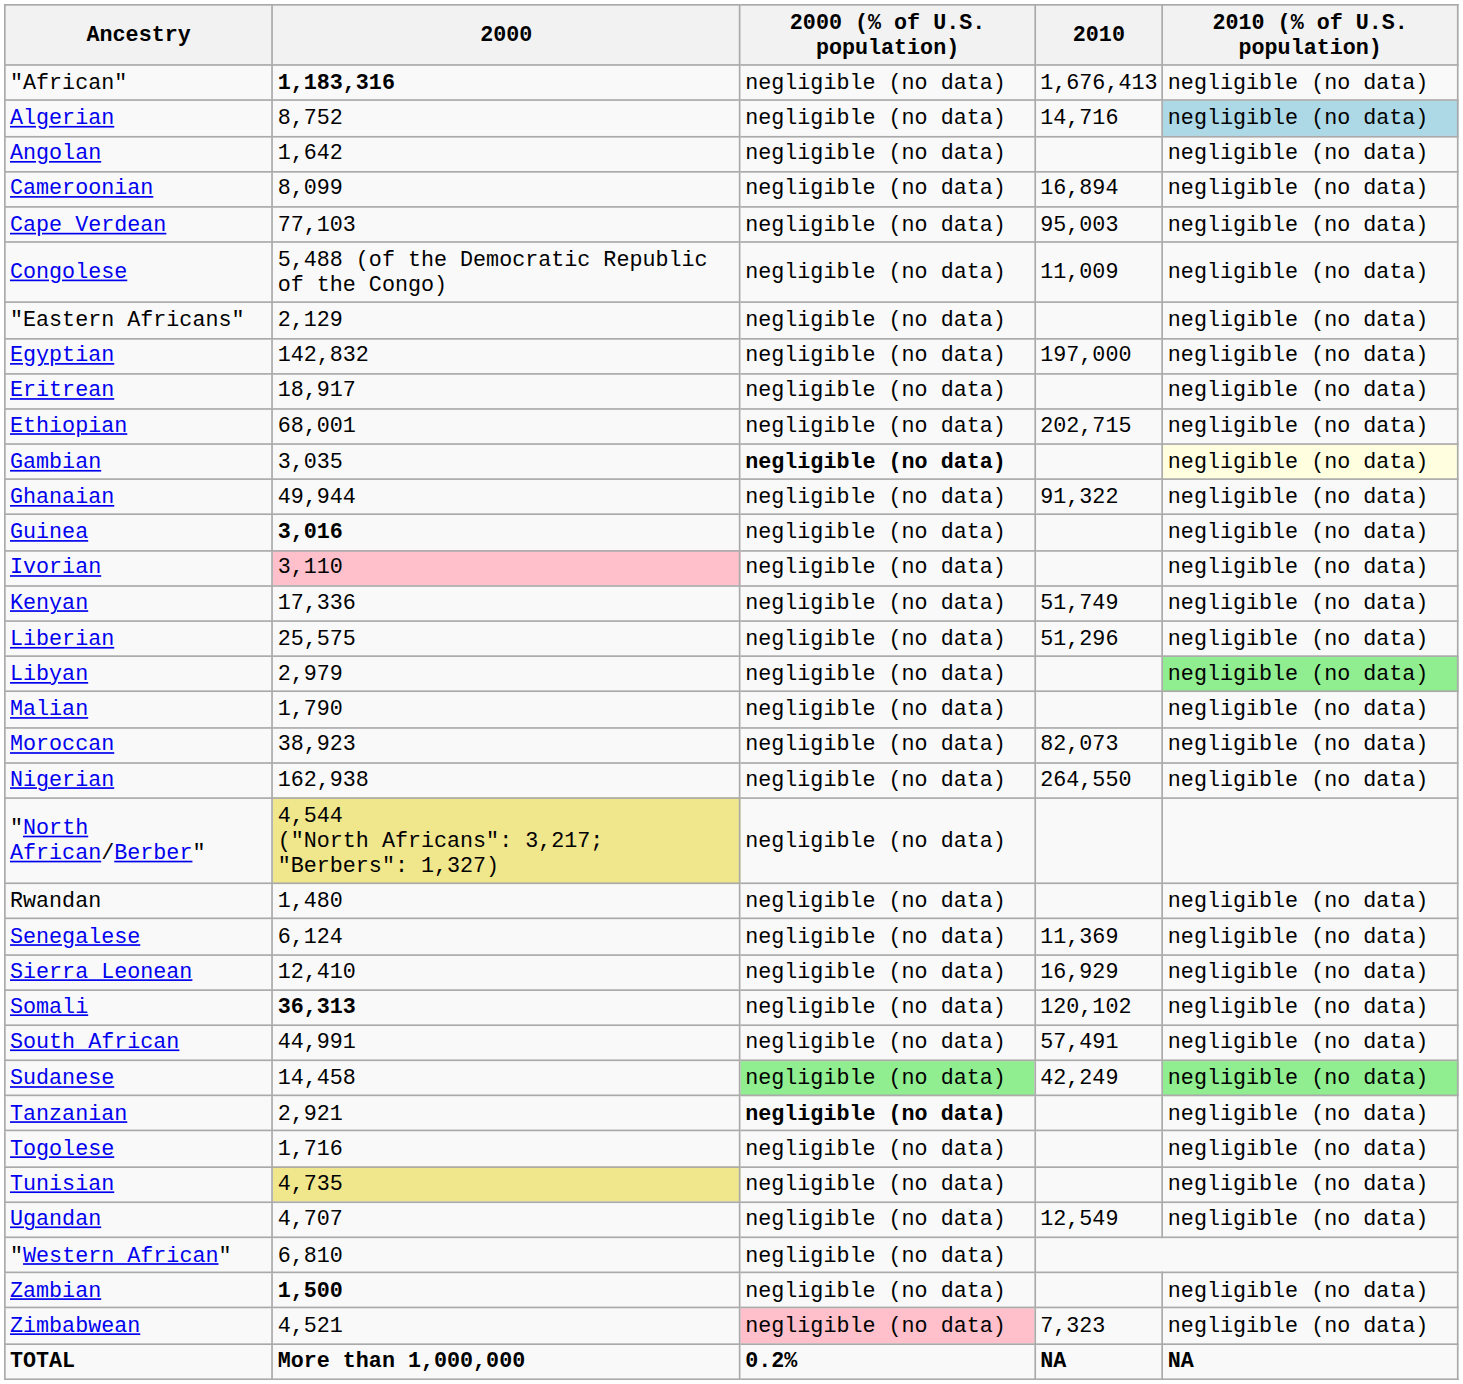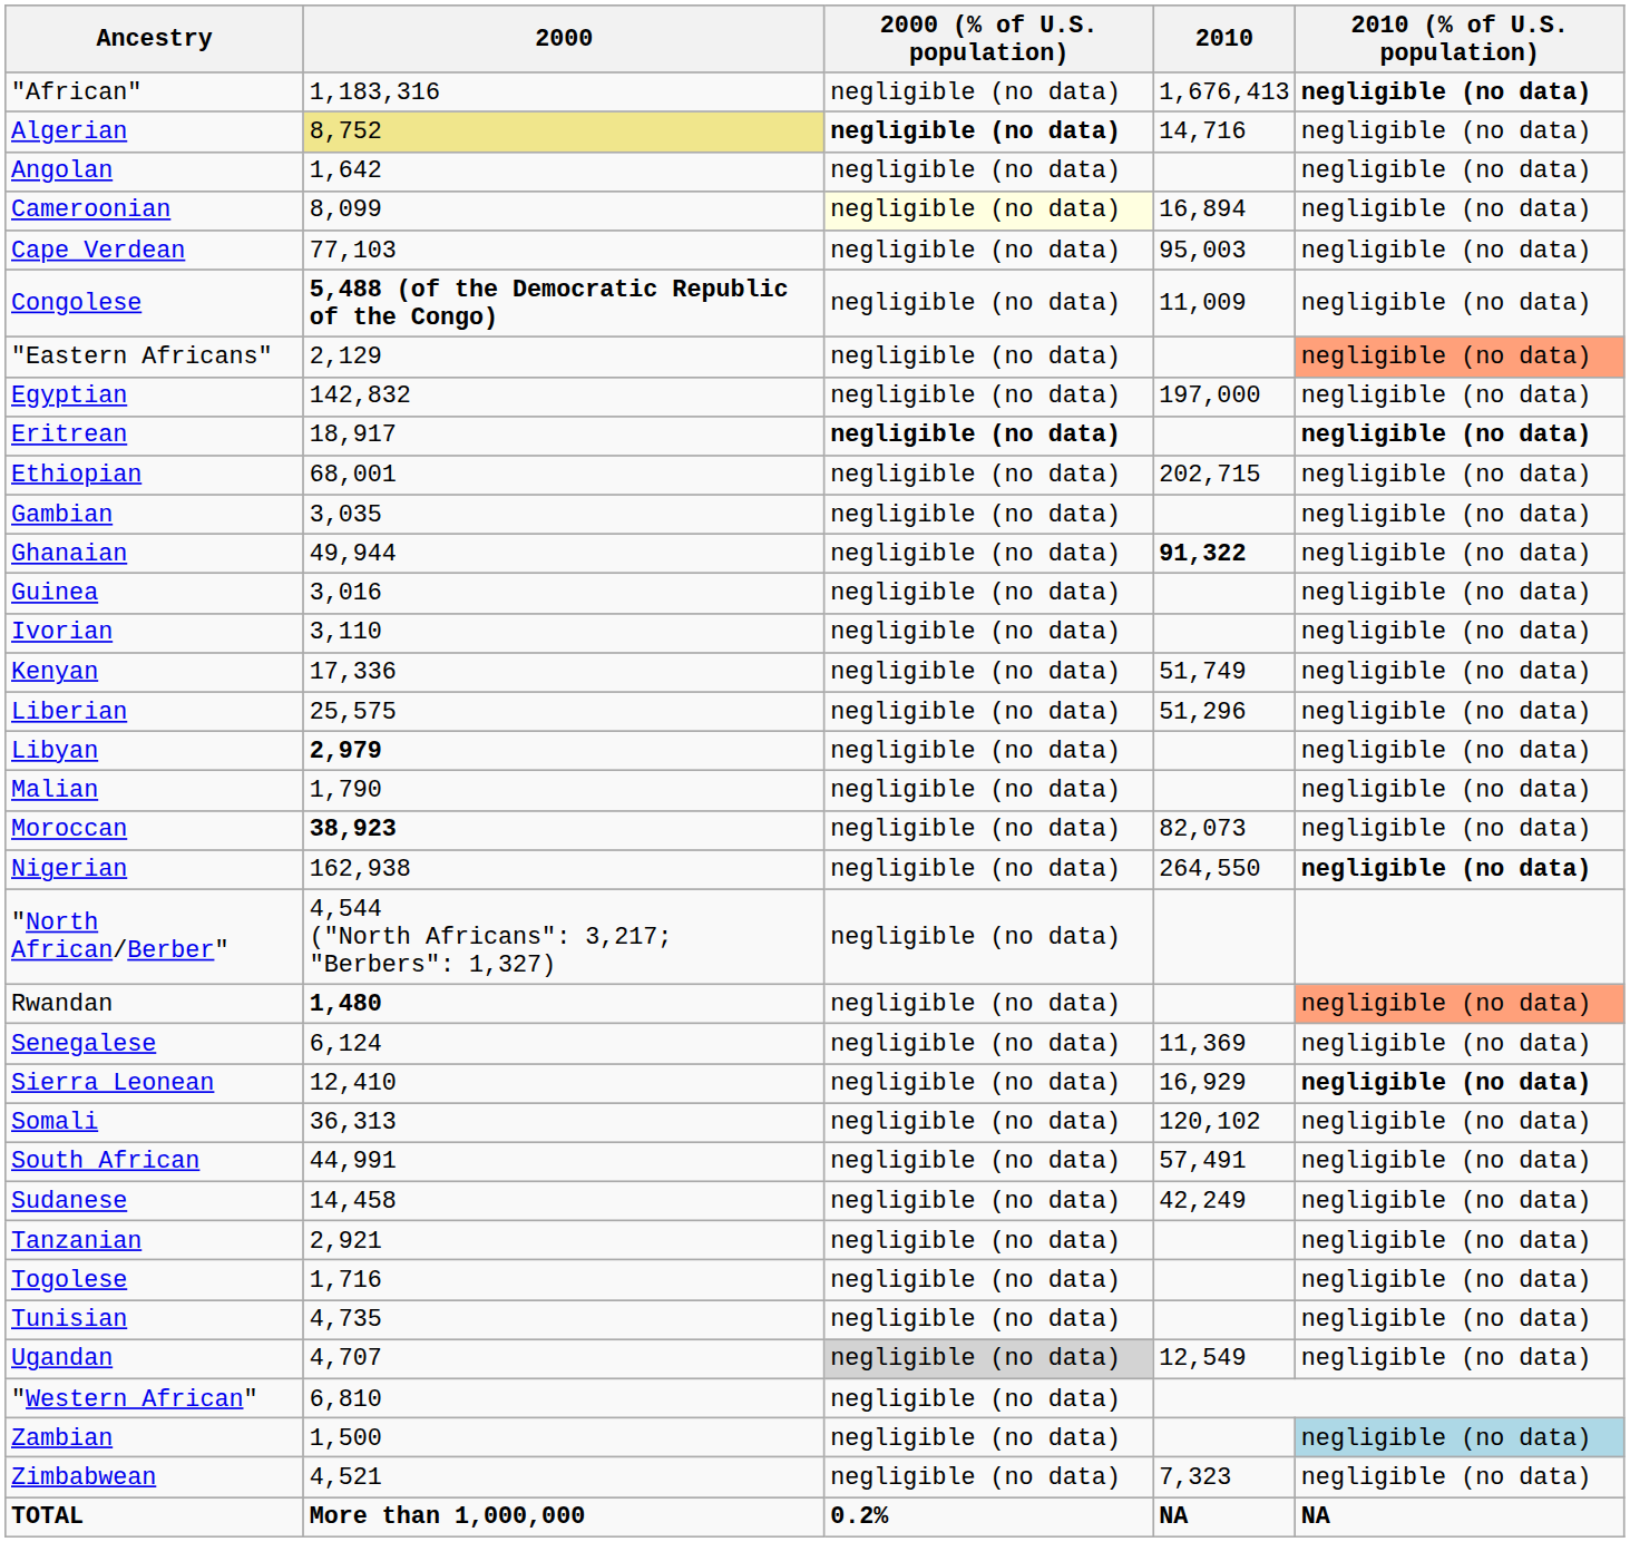 <table class="wikitable sortable">
 <tr style="background:#efefef">
 <th>Ancestry</th>
 <th>2000</th>
 <th>2000 (% of U.S. population)</th>
 <th>2010</th>
 <th>2010 (% of U.S. population)</th>
 </tr>
 <tr>
 <td>"African"</td>
-<td><strong>1,183,316</strong></td>
+<td>1,183,316</td>
 <td>negligible (no data)</td>
 <td>1,676,413</td>
-<td>negligible (no data)</td>
+<td><strong>negligible (no data)</strong></td>
 </tr>
 <tr>
 <td> <a href='#'>Algerian</a></td>
-<td>8,752</td>
+<td style="background: khaki;">8,752</td>
+<td><strong>negligible (no data)</strong></td>
+<td>14,716</td>
 <td>negligible (no data)</td>
-<td>14,716</td>
-<td style="background: lightblue;">negligible (no data)</td>
 </tr>
 <tr>
 <td> <a href='#'>Angolan</a></td>
 <td>1,642</td>
 <td>negligible (no data)</td>
 <td></td>
 <td>negligible (no data)</td>
 </tr>
 <tr>
 <td> <a href='#'>Cameroonian</a></td>
 <td>8,099</td>
-<td>negligible (no data)</td>
+<td style="background: lightyellow;">negligible (no data)</td>
 <td>16,894</td>
 <td>negligible (no data)</td>
 </tr>
 <tr>
 <td> <a href='#'>Cape Verdean</a></td>
 <td>77,103</td>
 <td>negligible (no data)</td>
 <td>95,003</td>
 <td>negligible (no data)</td>
 </tr>
 <tr>
 <td>  <a href='#'>Congolese</a></td>
-<td>5,488 (of the Democratic Republic of the Congo)</td>
+<td><strong>5,488 (of the Democratic Republic of the Congo)</strong></td>
 <td>negligible (no data)</td>
 <td>11,009</td>
 <td>negligible (no data)</td>
 </tr>
 <tr>
 <td>"Eastern Africans"</td>
 <td>2,129</td>
 <td>negligible (no data)</td>
 <td></td>
-<td>negligible (no data)</td>
+<td style="background: lightsalmon;">negligible (no data)</td>
 </tr>
 <tr>
 <td> <a href='#'>Egyptian</a></td>
 <td>142,832</td>
 <td>negligible (no data)</td>
 <td>197,000</td>
 <td>negligible (no data)</td>
 </tr>
 <tr>
 <td> <a href='#'>Eritrean</a></td>
 <td>18,917</td>
-<td>negligible (no data)</td>
+<td><strong>negligible (no data)</strong></td>
 <td></td>
-<td>negligible (no data)</td>
+<td><strong>negligible (no data)</strong></td>
 </tr>
 <tr>
 <td> <a href='#'>Ethiopian</a></td>
 <td>68,001</td>
 <td>negligible (no data)</td>
 <td>202,715</td>
 <td>negligible (no data)</td>
 </tr>
 <tr>
 <td> <a href='#'>Gambian</a></td>
 <td>3,035</td>
-<td><strong>negligible (no data)</strong></td>
+<td>negligible (no data)</td>
 <td></td>
-<td style="background: lightyellow;">negligible (no data)</td>
+<td>negligible (no data)</td>
 </tr>
 <tr>
 <td> <a href='#'>Ghanaian</a></td>
 <td>49,944</td>
 <td>negligible (no data)</td>
-<td>91,322</td>
+<td><strong>91,322</strong></td>
 <td>negligible (no data)</td>
 </tr>
 <tr>
 <td> <a href='#'>Guinea</a></td>
-<td><strong>3,016</strong></td>
+<td>3,016</td>
 <td>negligible (no data)</td>
 <td></td>
 <td>negligible (no data)</td>
 </tr>
 <tr>
 <td> <a href='#'>Ivorian</a></td>
-<td style="background: pink;">3,110</td>
+<td>3,110</td>
 <td>negligible (no data)</td>
 <td></td>
 <td>negligible (no data)</td>
 </tr>
 <tr>
 <td> <a href='#'>Kenyan</a></td>
 <td>17,336</td>
 <td>negligible (no data)</td>
 <td>51,749</td>
 <td>negligible (no data)</td>
 </tr>
 <tr>
 <td> <a href='#'>Liberian</a></td>
 <td>25,575</td>
 <td>negligible (no data)</td>
 <td>51,296</td>
 <td>negligible (no data)</td>
 </tr>
 <tr>
 <td> <a href='#'>Libyan</a></td>
-<td>2,979</td>
+<td><strong>2,979</strong></td>
 <td>negligible (no data)</td>
 <td></td>
-<td style="background: lightgreen;">negligible (no data)</td>
+<td>negligible (no data)</td>
 </tr>
 <tr>
 <td> <a href='#'>Malian</a></td>
 <td>1,790</td>
 <td>negligible (no data)</td>
 <td></td>
 <td>negligible (no data)</td>
 </tr>
 <tr>
 <td> <a href='#'>Moroccan</a></td>
-<td>38,923</td>
+<td><strong>38,923</strong></td>
 <td>negligible (no data)</td>
 <td>82,073</td>
 <td>negligible (no data)</td>
 </tr>
 <tr>
 <td> <a href='#'>Nigerian</a></td>
 <td>162,938</td>
 <td>negligible (no data)</td>
 <td>264,550</td>
-<td>negligible (no data)</td>
+<td><strong>negligible (no data)</strong></td>
 </tr>
 <tr>
 <td>"<a href='#'>North African</a>/<a href='#'>Berber</a>"</td>
-<td style="background: khaki;">4,544 <br>("North Africans": 3,217; "Berbers": 1,327)</td>
+<td>4,544 <br>("North Africans": 3,217; "Berbers": 1,327)</td>
 <td>negligible (no data)</td>
 <td></td>
 <td></td>
 </tr>
 <tr>
 <td>  Rwandan</td>
-<td>1,480</td>
+<td><strong>1,480</strong></td>
 <td>negligible (no data)</td>
 <td></td>
-<td>negligible (no data)</td>
+<td style="background: lightsalmon;">negligible (no data)</td>
 </tr>
 <tr>
 <td> <a href='#'>Senegalese</a></td>
 <td>6,124</td>
 <td>negligible (no data)</td>
 <td>11,369</td>
 <td>negligible (no data)</td>
 </tr>
 <tr>
 <td> <a href='#'>Sierra Leonean</a></td>
 <td>12,410</td>
 <td>negligible (no data)</td>
 <td>16,929</td>
-<td>negligible (no data)</td>
+<td><strong>negligible (no data)</strong></td>
 </tr>
 <tr>
 <td> <a href='#'>Somali</a></td>
-<td><strong>36,313</strong></td>
+<td>36,313</td>
 <td>negligible (no data)</td>
 <td>120,102</td>
 <td>negligible (no data)</td>
 </tr>
 <tr>
 <td> <a href='#'>South African</a></td>
 <td>44,991</td>
 <td>negligible (no data)</td>
 <td>57,491</td>
 <td>negligible (no data)</td>
 </tr>
 <tr>
 <td> <a href='#'>Sudanese</a></td>
 <td>14,458</td>
-<td style="background: lightgreen;">negligible (no data)</td>
+<td>negligible (no data)</td>
 <td>42,249</td>
-<td style="background: lightgreen;">negligible (no data)</td>
+<td>negligible (no data)</td>
 </tr>
 <tr>
 <td> <a href='#'>Tanzanian</a></td>
 <td>2,921</td>
-<td><strong>negligible (no data)</strong></td>
+<td>negligible (no data)</td>
 <td></td>
 <td>negligible (no data)</td>
 </tr>
 <tr>
 <td> <a href='#'>Togolese</a></td>
 <td>1,716</td>
 <td>negligible (no data)</td>
 <td></td>
 <td>negligible (no data)</td>
 </tr>
 <tr>
 <td> <a href='#'>Tunisian</a></td>
-<td style="background: khaki;">4,735</td>
+<td>4,735</td>
 <td>negligible (no data)</td>
 <td></td>
 <td>negligible (no data)</td>
 </tr>
 <tr>
 <td> <a href='#'>Ugandan</a></td>
 <td>4,707</td>
-<td>negligible (no data)</td>
+<td style="background: lightgrey;">negligible (no data)</td>
 <td>12,549</td>
 <td>negligible (no data)</td>
 </tr>
 <tr>
 <td>"<a href='#'>Western African</a>"</td>
 <td>6,810</td>
 <td>negligible (no data)</td>
 </tr>
 <tr>
 <td> <a href='#'>Zambian</a></td>
-<td><strong>1,500</strong></td>
+<td>1,500</td>
 <td>negligible (no data)</td>
 <td></td>
-<td>negligible (no data)</td>
+<td style="background: lightblue;">negligible (no data)</td>
 </tr>
 <tr>
 <td> <a href='#'>Zimbabwean</a></td>
 <td>4,521</td>
-<td style="background: pink;">negligible (no data)</td>
+<td>negligible (no data)</td>
 <td>7,323</td>
 <td>negligible (no data)</td>
 </tr>
 <tr>
 <td><strong>TOTAL</strong></td>
 <td><strong>More than 1,000,000</strong></td>
 <td><strong>0.2%</strong></td>
 <td><strong>NA</strong></td>
 <td><strong>NA</strong></td>
 </tr>
 </table>
